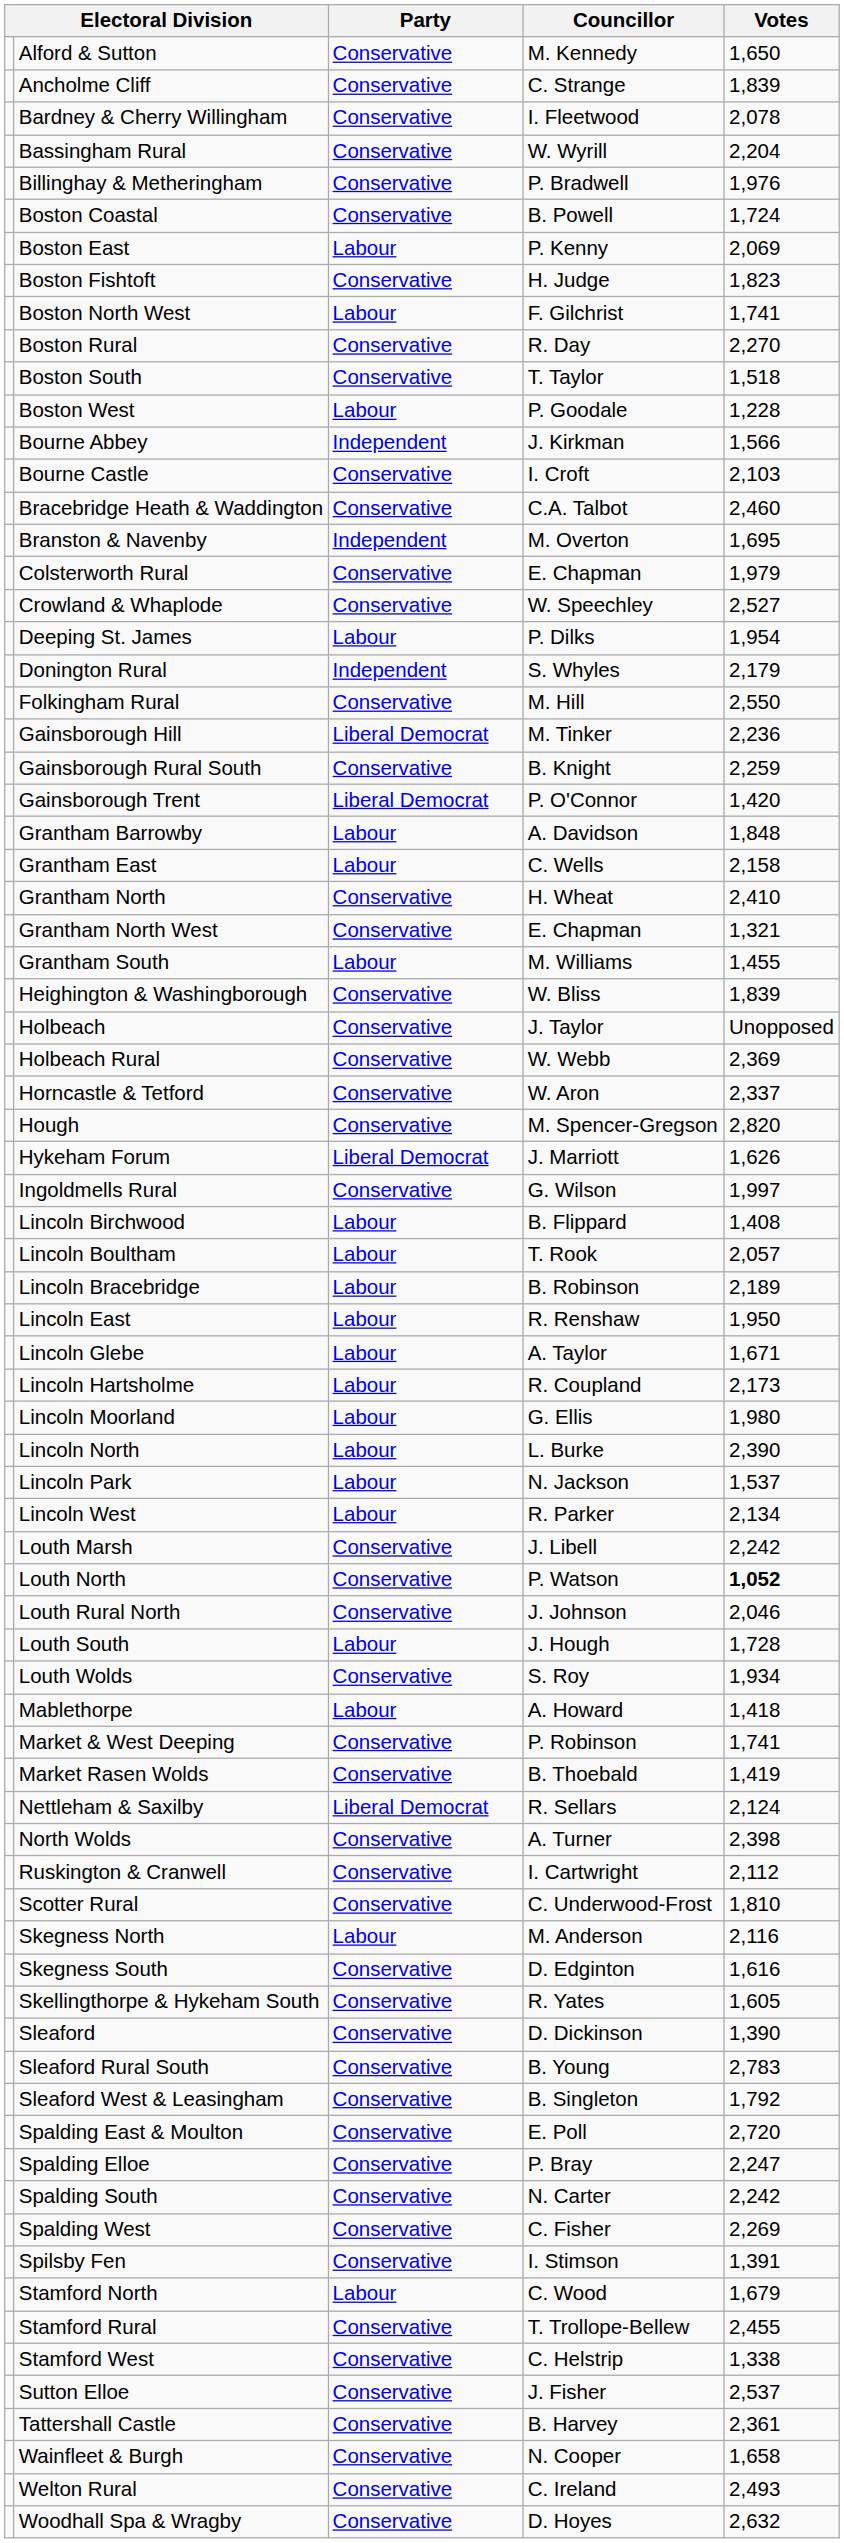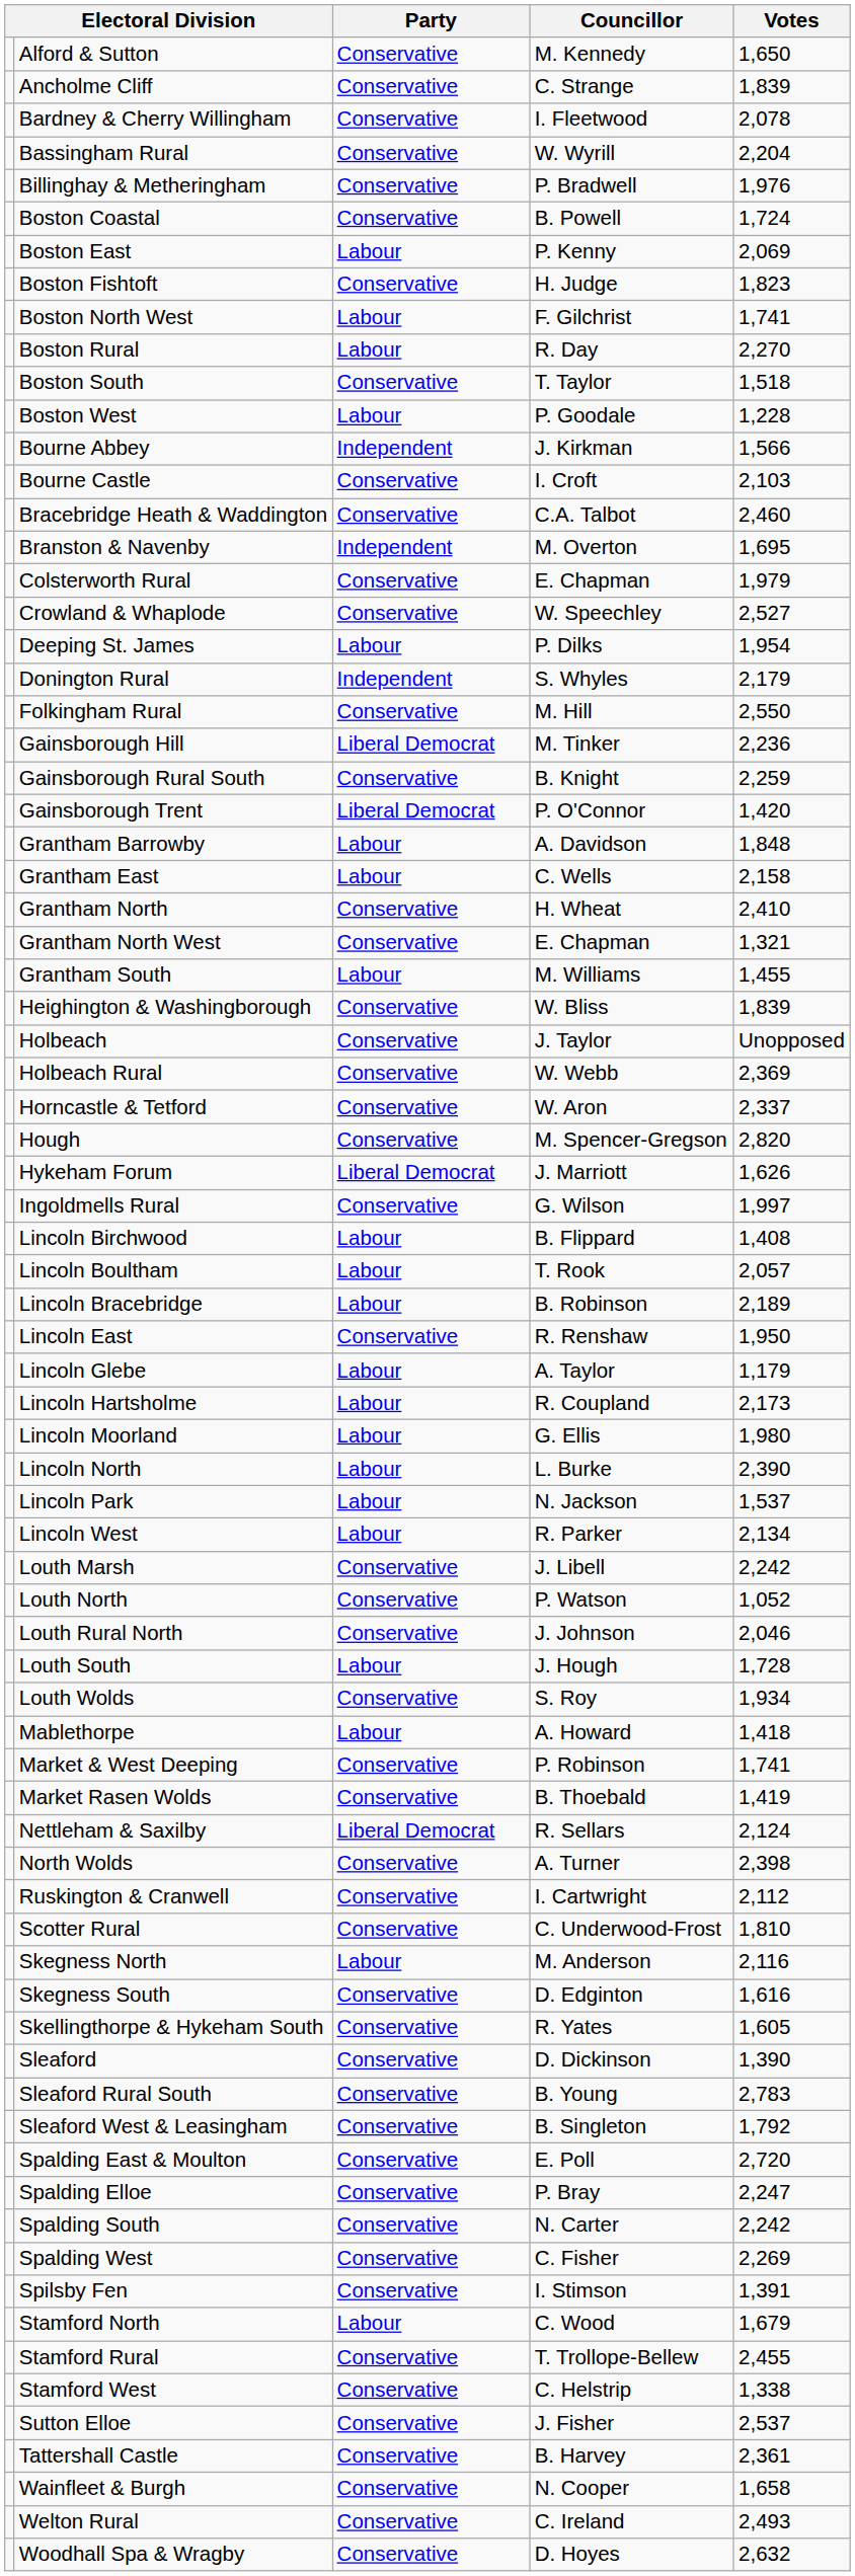 <table class="wikitable">
 <tr>
 <th colspan="2">Electoral Division</th>
 <th width="145px">Party</th>
 <th width="150px">Councillor</th>
 <th width="60px">Votes</th>
 </tr>
 <tr>
 <td style="color:inherit;background:"></td>
 <td>Alford & Sutton</td>
 <td><a href='#'>Conservative</a></td>
 <td>M. Kennedy</td>
 <td>1,650</td>
 </tr>
 <tr>
 <td style="color:inherit;background:"></td>
 <td>Ancholme Cliff</td>
 <td><a href='#'>Conservative</a></td>
 <td>C. Strange</td>
 <td>1,839</td>
 </tr>
 <tr>
 <td style="color:inherit;background:"></td>
 <td>Bardney & Cherry Willingham</td>
 <td><a href='#'>Conservative</a></td>
 <td>I. Fleetwood</td>
 <td>2,078</td>
 </tr>
 <tr>
 <td style="color:inherit;background:"></td>
 <td>Bassingham Rural</td>
 <td><a href='#'>Conservative</a></td>
 <td>W. Wyrill</td>
 <td>2,204</td>
 </tr>
 <tr>
 <td style="color:inherit;background:"></td>
 <td>Billinghay & Metheringham</td>
 <td><a href='#'>Conservative</a></td>
 <td>P. Bradwell</td>
 <td>1,976</td>
 </tr>
 <tr>
 <td style="color:inherit;background:"></td>
 <td>Boston Coastal</td>
 <td><a href='#'>Conservative</a></td>
 <td>B. Powell</td>
 <td>1,724</td>
 </tr>
 <tr>
 <td style="color:inherit;background:"></td>
 <td>Boston East</td>
 <td><a href='#'>Labour</a></td>
 <td>P. Kenny</td>
 <td>2,069</td>
 </tr>
 <tr>
 <td style="color:inherit;background:"></td>
 <td>Boston Fishtoft</td>
 <td><a href='#'>Conservative</a></td>
 <td>H. Judge</td>
 <td>1,823</td>
 </tr>
 <tr>
 <td style="color:inherit;background:"></td>
 <td>Boston North West</td>
 <td><a href='#'>Labour</a></td>
 <td>F. Gilchrist</td>
 <td>1,741</td>
 </tr>
 <tr>
 <td style="color:inherit;background:"></td>
 <td>Boston Rural</td>
-<td><a href='#'>Conservative</a></td>
+<td><a href='#'>Labour</a></td>
 <td>R. Day</td>
 <td>2,270</td>
 </tr>
 <tr>
 <td style="color:inherit;background:"></td>
 <td>Boston South</td>
 <td><a href='#'>Conservative</a></td>
 <td>T. Taylor</td>
 <td>1,518</td>
 </tr>
 <tr>
 <td style="color:inherit;background:"></td>
 <td>Boston West</td>
 <td><a href='#'>Labour</a></td>
 <td>P. Goodale</td>
 <td>1,228</td>
 </tr>
 <tr>
 <td style="color:inherit;background:"></td>
 <td>Bourne Abbey</td>
 <td><a href='#'>Independent</a></td>
 <td>J. Kirkman</td>
 <td>1,566</td>
 </tr>
 <tr>
 <td style="color:inherit;background:"></td>
 <td>Bourne Castle</td>
 <td><a href='#'>Conservative</a></td>
 <td>I. Croft</td>
 <td>2,103</td>
 </tr>
 <tr>
 <td style="color:inherit;background:"></td>
 <td>Bracebridge Heath & Waddington</td>
 <td><a href='#'>Conservative</a></td>
 <td>C.A. Talbot</td>
 <td>2,460</td>
 </tr>
 <tr>
 <td style="color:inherit;background:"></td>
 <td>Branston & Navenby</td>
 <td><a href='#'>Independent</a></td>
 <td>M. Overton</td>
 <td>1,695</td>
 </tr>
 <tr>
 <td style="color:inherit;background:"></td>
 <td>Colsterworth Rural</td>
 <td><a href='#'>Conservative</a></td>
 <td>E. Chapman</td>
 <td>1,979</td>
 </tr>
 <tr>
 <td style="color:inherit;background:"></td>
 <td>Crowland & Whaplode</td>
 <td><a href='#'>Conservative</a></td>
 <td>W. Speechley</td>
 <td>2,527</td>
 </tr>
 <tr>
 <td style="color:inherit;background:"></td>
 <td>Deeping St. James</td>
 <td><a href='#'>Labour</a></td>
 <td>P. Dilks</td>
 <td>1,954</td>
 </tr>
 <tr>
 <td style="color:inherit;background:"></td>
 <td>Donington Rural</td>
 <td><a href='#'>Independent</a></td>
 <td>S. Whyles</td>
 <td>2,179</td>
 </tr>
 <tr>
 <td style="color:inherit;background:"></td>
 <td>Folkingham Rural</td>
 <td><a href='#'>Conservative</a></td>
 <td>M. Hill</td>
 <td>2,550</td>
 </tr>
 <tr>
 <td style="color:inherit;background:"></td>
 <td>Gainsborough Hill</td>
 <td><a href='#'>Liberal Democrat</a></td>
 <td>M. Tinker</td>
 <td>2,236</td>
 </tr>
 <tr>
 <td style="color:inherit;background:"></td>
 <td>Gainsborough Rural South</td>
 <td><a href='#'>Conservative</a></td>
 <td>B. Knight</td>
 <td>2,259</td>
 </tr>
 <tr>
 <td style="color:inherit;background:"></td>
 <td>Gainsborough Trent</td>
 <td><a href='#'>Liberal Democrat</a></td>
 <td>P. O'Connor</td>
 <td>1,420</td>
 </tr>
 <tr>
 <td style="color:inherit;background:"></td>
 <td>Grantham Barrowby</td>
 <td><a href='#'>Labour</a></td>
 <td>A. Davidson</td>
 <td>1,848</td>
 </tr>
 <tr>
 <td style="color:inherit;background:"></td>
 <td>Grantham East</td>
 <td><a href='#'>Labour</a></td>
 <td>C. Wells</td>
 <td>2,158</td>
 </tr>
 <tr>
 <td style="color:inherit;background:"></td>
 <td>Grantham North</td>
 <td><a href='#'>Conservative</a></td>
 <td>H. Wheat</td>
 <td>2,410</td>
 </tr>
 <tr>
 <td style="color:inherit;background:"></td>
 <td>Grantham North West</td>
 <td><a href='#'>Conservative</a></td>
 <td>E. Chapman</td>
 <td>1,321</td>
 </tr>
 <tr>
 <td style="color:inherit;background:"></td>
 <td>Grantham South</td>
 <td><a href='#'>Labour</a></td>
 <td>M. Williams</td>
 <td>1,455</td>
 </tr>
 <tr>
 <td style="color:inherit;background:"></td>
 <td>Heighington & Washingborough</td>
 <td><a href='#'>Conservative</a></td>
 <td>W. Bliss</td>
 <td>1,839</td>
 </tr>
 <tr>
 <td style="color:inherit;background:"></td>
 <td>Holbeach</td>
 <td><a href='#'>Conservative</a></td>
 <td>J. Taylor</td>
 <td>Unopposed</td>
 </tr>
 <tr>
 <td style="color:inherit;background:"></td>
 <td>Holbeach Rural</td>
 <td><a href='#'>Conservative</a></td>
 <td>W. Webb</td>
 <td>2,369</td>
 </tr>
 <tr>
 <td style="color:inherit;background:"></td>
 <td>Horncastle & Tetford</td>
 <td><a href='#'>Conservative</a></td>
 <td>W. Aron</td>
 <td>2,337</td>
 </tr>
 <tr>
 <td style="color:inherit;background:"></td>
 <td>Hough</td>
 <td><a href='#'>Conservative</a></td>
 <td>M. Spencer-Gregson</td>
 <td>2,820</td>
 </tr>
 <tr>
 <td style="color:inherit;background:"></td>
 <td>Hykeham Forum</td>
 <td><a href='#'>Liberal Democrat</a></td>
 <td>J. Marriott</td>
 <td>1,626</td>
 </tr>
 <tr>
 <td style="color:inherit;background:"></td>
 <td>Ingoldmells Rural</td>
 <td><a href='#'>Conservative</a></td>
 <td>G. Wilson</td>
 <td>1,997</td>
 </tr>
 <tr>
 <td style="color:inherit;background:"></td>
 <td>Lincoln Birchwood</td>
 <td><a href='#'>Labour</a></td>
 <td>B. Flippard</td>
 <td>1,408</td>
 </tr>
 <tr>
 <td style="color:inherit;background:"></td>
 <td>Lincoln Boultham</td>
 <td><a href='#'>Labour</a></td>
 <td>T. Rook</td>
 <td>2,057</td>
 </tr>
 <tr>
 <td style="color:inherit;background:"></td>
 <td>Lincoln Bracebridge</td>
 <td><a href='#'>Labour</a></td>
 <td>B. Robinson</td>
 <td>2,189</td>
 </tr>
 <tr>
 <td style="color:inherit;background:"></td>
 <td>Lincoln East</td>
-<td><a href='#'>Labour</a></td>
+<td><a href='#'>Conservative</a></td>
 <td>R. Renshaw</td>
 <td>1,950</td>
 </tr>
 <tr>
 <td style="color:inherit;background:"></td>
 <td>Lincoln Glebe</td>
 <td><a href='#'>Labour</a></td>
 <td>A. Taylor</td>
-<td>1,671</td>
+<td>1,179</td>
 </tr>
 <tr>
 <td style="color:inherit;background:"></td>
 <td>Lincoln Hartsholme</td>
 <td><a href='#'>Labour</a></td>
 <td>R. Coupland</td>
 <td>2,173</td>
 </tr>
 <tr>
 <td style="color:inherit;background:"></td>
 <td>Lincoln Moorland</td>
 <td><a href='#'>Labour</a></td>
 <td>G. Ellis</td>
 <td>1,980</td>
 </tr>
 <tr>
 <td style="color:inherit;background:"></td>
 <td>Lincoln North</td>
 <td><a href='#'>Labour</a></td>
 <td>L. Burke</td>
 <td>2,390</td>
 </tr>
 <tr>
 <td style="color:inherit;background:"></td>
 <td>Lincoln Park</td>
 <td><a href='#'>Labour</a></td>
 <td>N. Jackson</td>
 <td>1,537</td>
 </tr>
 <tr>
 <td style="color:inherit;background:"></td>
 <td>Lincoln West</td>
 <td><a href='#'>Labour</a></td>
 <td>R. Parker</td>
 <td>2,134</td>
 </tr>
 <tr>
 <td style="color:inherit;background:"></td>
 <td>Louth Marsh</td>
 <td><a href='#'>Conservative</a></td>
 <td>J. Libell</td>
 <td>2,242</td>
 </tr>
 <tr>
 <td style="color:inherit;background:"></td>
 <td>Louth North</td>
 <td><a href='#'>Conservative</a></td>
 <td>P. Watson</td>
-<td><strong>1,052</strong></td>
+<td>1,052</td>
 </tr>
 <tr>
 <td style="color:inherit;background:"></td>
 <td>Louth Rural North</td>
 <td><a href='#'>Conservative</a></td>
 <td>J. Johnson</td>
 <td>2,046</td>
 </tr>
 <tr>
 <td style="color:inherit;background:"></td>
 <td>Louth South</td>
 <td><a href='#'>Labour</a></td>
 <td>J. Hough</td>
 <td>1,728</td>
 </tr>
 <tr>
 <td style="color:inherit;background:"></td>
 <td>Louth Wolds</td>
 <td><a href='#'>Conservative</a></td>
 <td>S. Roy</td>
 <td>1,934</td>
 </tr>
 <tr>
 <td style="color:inherit;background:"></td>
 <td>Mablethorpe</td>
 <td><a href='#'>Labour</a></td>
 <td>A. Howard</td>
 <td>1,418</td>
 </tr>
 <tr>
 <td style="color:inherit;background:"></td>
 <td>Market & West Deeping</td>
 <td><a href='#'>Conservative</a></td>
 <td>P. Robinson</td>
 <td>1,741</td>
 </tr>
 <tr>
 <td style="color:inherit;background:"></td>
 <td>Market Rasen Wolds</td>
 <td><a href='#'>Conservative</a></td>
 <td>B. Thoebald</td>
 <td>1,419</td>
 </tr>
 <tr>
 <td style="color:inherit;background:"></td>
 <td>Nettleham & Saxilby</td>
 <td><a href='#'>Liberal Democrat</a></td>
 <td>R. Sellars</td>
 <td>2,124</td>
 </tr>
 <tr>
 <td style="color:inherit;background:"></td>
 <td>North Wolds</td>
 <td><a href='#'>Conservative</a></td>
 <td>A. Turner</td>
 <td>2,398</td>
 </tr>
 <tr>
 <td style="color:inherit;background:"></td>
 <td>Ruskington & Cranwell</td>
 <td><a href='#'>Conservative</a></td>
 <td>I. Cartwright</td>
 <td>2,112</td>
 </tr>
 <tr>
 <td style="color:inherit;background:"></td>
 <td>Scotter Rural</td>
 <td><a href='#'>Conservative</a></td>
 <td>C. Underwood-Frost</td>
 <td>1,810</td>
 </tr>
 <tr>
 <td style="color:inherit;background:"></td>
 <td>Skegness North</td>
 <td><a href='#'>Labour</a></td>
 <td>M. Anderson</td>
 <td>2,116</td>
 </tr>
 <tr>
 <td style="color:inherit;background:"></td>
 <td>Skegness South</td>
 <td><a href='#'>Conservative</a></td>
 <td>D. Edginton</td>
 <td>1,616</td>
 </tr>
 <tr>
 <td style="color:inherit;background:"></td>
 <td>Skellingthorpe & Hykeham South</td>
 <td><a href='#'>Conservative</a></td>
 <td>R. Yates</td>
 <td>1,605</td>
 </tr>
 <tr>
 <td style="color:inherit;background:"></td>
 <td>Sleaford</td>
 <td><a href='#'>Conservative</a></td>
 <td>D. Dickinson</td>
 <td>1,390</td>
 </tr>
 <tr>
 <td style="color:inherit;background:"></td>
 <td>Sleaford Rural South</td>
 <td><a href='#'>Conservative</a></td>
 <td>B. Young</td>
 <td>2,783</td>
 </tr>
 <tr>
 <td style="color:inherit;background:"></td>
 <td>Sleaford West & Leasingham</td>
 <td><a href='#'>Conservative</a></td>
 <td>B. Singleton</td>
 <td>1,792</td>
 </tr>
 <tr>
 <td style="color:inherit;background:"></td>
 <td>Spalding East & Moulton</td>
 <td><a href='#'>Conservative</a></td>
 <td>E. Poll</td>
 <td>2,720</td>
 </tr>
 <tr>
 <td style="color:inherit;background:"></td>
 <td>Spalding Elloe</td>
 <td><a href='#'>Conservative</a></td>
 <td>P. Bray</td>
 <td>2,247</td>
 </tr>
 <tr>
 <td style="color:inherit;background:"></td>
 <td>Spalding South</td>
 <td><a href='#'>Conservative</a></td>
 <td>N. Carter</td>
 <td>2,242</td>
 </tr>
 <tr>
 <td style="color:inherit;background:"></td>
 <td>Spalding West</td>
 <td><a href='#'>Conservative</a></td>
 <td>C. Fisher</td>
 <td>2,269</td>
 </tr>
 <tr>
 <td style="color:inherit;background:"></td>
 <td>Spilsby Fen</td>
 <td><a href='#'>Conservative</a></td>
 <td>I. Stimson</td>
 <td>1,391</td>
 </tr>
 <tr>
 <td style="color:inherit;background:"></td>
 <td>Stamford North</td>
 <td><a href='#'>Labour</a></td>
 <td>C. Wood</td>
 <td>1,679</td>
 </tr>
 <tr>
 <td style="color:inherit;background:"></td>
 <td>Stamford Rural</td>
 <td><a href='#'>Conservative</a></td>
 <td>T. Trollope-Bellew</td>
 <td>2,455</td>
 </tr>
 <tr>
 <td style="color:inherit;background:"></td>
 <td>Stamford West</td>
 <td><a href='#'>Conservative</a></td>
 <td>C. Helstrip</td>
 <td>1,338</td>
 </tr>
 <tr>
 <td style="color:inherit;background:"></td>
 <td>Sutton Elloe</td>
 <td><a href='#'>Conservative</a></td>
 <td>J. Fisher</td>
 <td>2,537</td>
 </tr>
 <tr>
 <td style="color:inherit;background:"></td>
 <td>Tattershall Castle</td>
 <td><a href='#'>Conservative</a></td>
 <td>B. Harvey</td>
 <td>2,361</td>
 </tr>
 <tr>
 <td style="color:inherit;background:"></td>
 <td>Wainfleet & Burgh</td>
 <td><a href='#'>Conservative</a></td>
 <td>N. Cooper</td>
 <td>1,658</td>
 </tr>
 <tr>
 <td style="color:inherit;background:"></td>
 <td>Welton Rural</td>
 <td><a href='#'>Conservative</a></td>
 <td>C. Ireland</td>
 <td>2,493</td>
 </tr>
 <tr>
 <td style="color:inherit;background:"></td>
 <td>Woodhall Spa & Wragby</td>
 <td><a href='#'>Conservative</a></td>
 <td>D. Hoyes</td>
 <td>2,632</td>
 </tr>
 </table>
